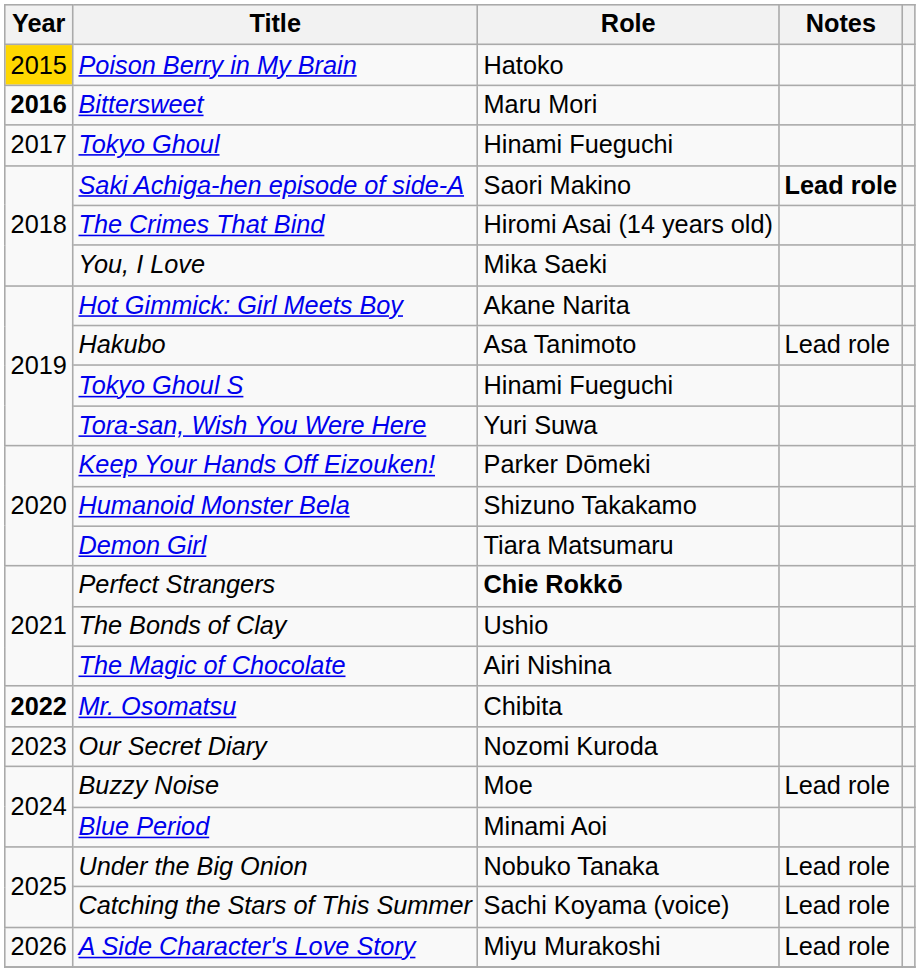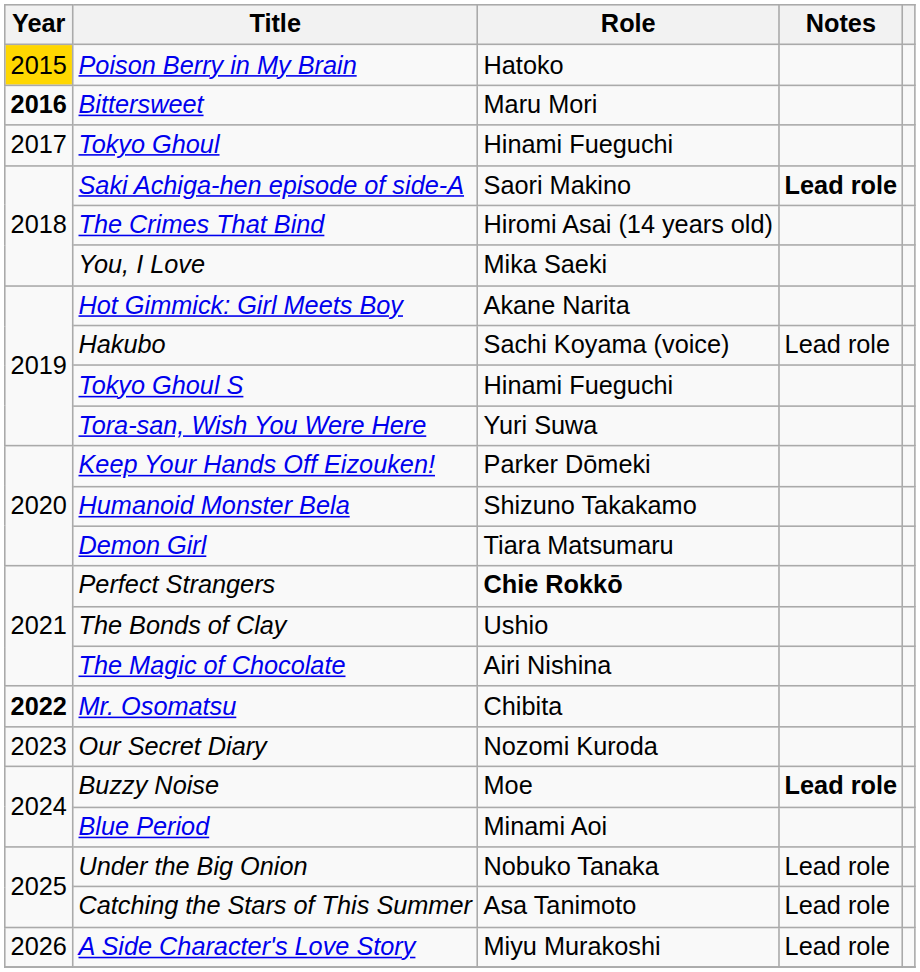 <table class="wikitable sortable">
 <tr>
 <th>Year</th>
 <th>Title</th>
 <th>Role</th>
 <th class="unsortable">Notes</th>
 <th class="unsortable"></th>
 </tr>
 <tr>
 <td style="background: gold;">2015</td>
 <td><em> <a href='#'>Poison Berry in My Brain</a></em></td>
 <td>Hatoko</td>
 <td></td>
 <td></td>
 </tr>
 <tr>
 <td><strong>2016</strong></td>
 <td><em><a href='#'>Bittersweet</a></em></td>
 <td>Maru Mori</td>
 <td></td>
 <td></td>
 </tr>
 <tr>
 <td>2017</td>
 <td><em><a href='#'>Tokyo Ghoul</a></em></td>
 <td>Hinami Fueguchi</td>
 <td></td>
 <td></td>
 </tr>
 <tr>
 <td rowspan="3">2018</td>
 <td><em><a href='#'>Saki Achiga-hen episode of side-A</a></em></td>
 <td>Saori Makino</td>
 <td><strong>Lead role</strong></td>
 <td></td>
 </tr>
 <tr>
 <td><em><a href='#'>The Crimes That Bind</a></em></td>
 <td>Hiromi Asai (14 years old)</td>
 <td></td>
 <td></td>
 </tr>
 <tr>
 <td><em>You, I Love</em></td>
 <td>Mika Saeki</td>
 <td></td>
 <td></td>
 </tr>
 <tr>
 <td rowspan="4">2019</td>
 <td><em><a href='#'>Hot Gimmick: Girl Meets Boy</a></em></td>
 <td>Akane Narita</td>
 <td></td>
 <td></td>
 </tr>
 <tr>
 <td><em>Hakubo</em></td>
-<td>Asa Tanimoto</td>
+<td>Sachi Koyama (voice)</td>
 <td>Lead role</td>
 <td></td>
 </tr>
 <tr>
 <td><em><a href='#'>Tokyo Ghoul S</a></em></td>
 <td>Hinami Fueguchi</td>
 <td></td>
 <td></td>
 </tr>
 <tr>
 <td><em><a href='#'>Tora-san, Wish You Were Here</a></em></td>
 <td>Yuri Suwa</td>
 <td></td>
 <td></td>
 </tr>
 <tr>
 <td rowspan="3">2020</td>
 <td><em><a href='#'>Keep Your Hands Off Eizouken!</a></em></td>
 <td>Parker Dōmeki</td>
 <td></td>
 <td></td>
 </tr>
 <tr>
 <td><em><a href='#'>Humanoid Monster Bela</a></em></td>
 <td>Shizuno Takakamo</td>
 <td></td>
 <td></td>
 </tr>
 <tr>
 <td><em><a href='#'>Demon Girl</a></em></td>
 <td>Tiara Matsumaru</td>
 <td></td>
 <td></td>
 </tr>
 <tr>
 <td rowspan="3">2021</td>
 <td><em>Perfect Strangers</em></td>
 <td><strong>Chie Rokkō</strong></td>
 <td></td>
 <td></td>
 </tr>
 <tr>
 <td><em>The Bonds of Clay</em></td>
 <td>Ushio</td>
 <td></td>
 <td></td>
 </tr>
 <tr>
 <td><em><a href='#'>The Magic of Chocolate</a></em></td>
 <td>Airi Nishina</td>
 <td></td>
 <td></td>
 </tr>
 <tr>
 <td rowspan="1"><strong>2022</strong></td>
 <td><em><a href='#'>Mr. Osomatsu</a></em></td>
 <td>Chibita</td>
 <td></td>
 <td></td>
 </tr>
 <tr>
 <td>2023</td>
 <td><em>Our Secret Diary</em></td>
 <td>Nozomi Kuroda</td>
 <td></td>
 <td></td>
 </tr>
 <tr>
 <td rowspan="2">2024</td>
 <td><em>Buzzy Noise</em></td>
 <td>Moe</td>
-<td>Lead role</td>
+<td><strong>Lead role</strong></td>
 <td></td>
 </tr>
 <tr>
 <td><em><a href='#'>Blue Period</a></em></td>
 <td>Minami Aoi</td>
 <td></td>
 <td></td>
 </tr>
 <tr>
 <td rowspan="2">2025</td>
 <td><em>Under the Big Onion</em></td>
 <td>Nobuko Tanaka</td>
 <td>Lead role</td>
 <td></td>
 </tr>
 <tr>
 <td><em>Catching the Stars of This Summer</em></td>
-<td>Sachi Koyama (voice)</td>
+<td>Asa Tanimoto</td>
 <td>Lead role</td>
 <td></td>
 </tr>
 <tr>
 <td>2026</td>
 <td><em><a href='#'>A Side Character's Love Story</a></em></td>
 <td>Miyu Murakoshi</td>
 <td>Lead role</td>
 <td></td>
 </tr>
 <tr>
 </tr>
 </table>
